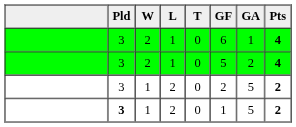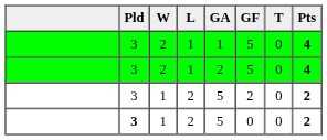 <table border=1 cellpadding=5 cellspacing=0>
 <tr>
 <th style="background:#efefef; width:120px;"></th>
 <th style="background:#efefef; width:20px;">Pld</th>
 <th style="background:#efefef; width:20px;">W</th>
 <th style="background:#efefef; width:20px;">L</th>
+<th style="background:#efefef; width:20px;">GA</th>
+<th style="background:#efefef; width:20px;">GF</th>
 <th style="background:#efefef; width:20px;">T</th>
-<th style="background:#efefef; width:20px;">GF</th>
-<th style="background:#efefef; width:20px;">GA</th>
 <th style="background:#efefef; width:20px;">Pts</th>
 </tr>
 <tr style="text-align:center; background:lime;">
 <td align=left></td>
 <td>3</td>
 <td>2</td>
 <td>1</td>
+<td>1</td>
+<td>5</td>
 <td>0</td>
-<td>6</td>
-<td>1</td>
 <td><strong>4</strong></td>
 </tr>
 <tr style="text-align:center; background:lime;">
 <td align=left></td>
 <td>3</td>
 <td>2</td>
 <td>1</td>
+<td>2</td>
+<td>5</td>
 <td>0</td>
-<td>5</td>
-<td>2</td>
 <td><strong>4</strong></td>
 </tr>
 <tr align=center>
 <td align=left></td>
 <td>3</td>
 <td>1</td>
 <td>2</td>
+<td>5</td>
+<td>2</td>
 <td>0</td>
-<td>2</td>
-<td>5</td>
 <td><strong>2</strong></td>
 </tr>
 <tr align=center>
 <td align=left></td>
 <td><strong>3</strong></td>
 <td>1</td>
 <td>2</td>
+<td>5</td>
 <td>0</td>
-<td>1</td>
-<td>5</td>
+<td>0</td>
 <td><strong>2</strong></td>
 </tr>
 </table>
